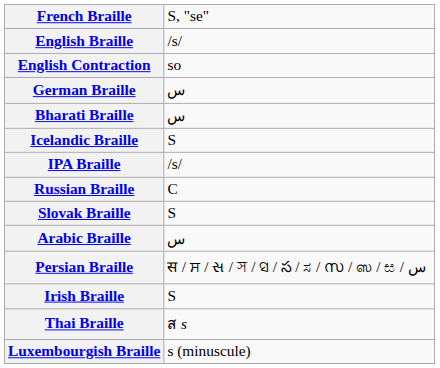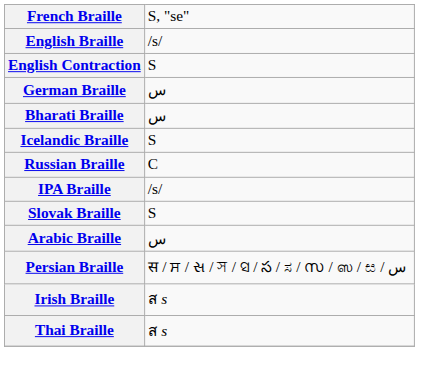 <table class="wikitable">
 <tr>
 <th align=left><a href='#'>French Braille</a></th>
 <td>S, "se"</td>
 </tr>
 <tr>
 <th align=left><a href='#'>English Braille</a></th>
 <td>/s/</td>
 </tr>
 <tr>
 <th align=left><a href='#'>English Contraction</a></th>
-<td>so</td>
+<td>S</td>
 </tr>
 <tr>
 <th align=left><a href='#'>German Braille</a></th>
 <td>س</td>
 </tr>
 <tr>
 <th align=left><a href='#'>Bharati Braille</a></th>
 <td>س</td>
 </tr>
 <tr>
 <th align=left><a href='#'>Icelandic Braille</a></th>
 <td>S</td>
 </tr>
 <tr>
+<th align=left><a href='#'>Russian Braille</a></th>
+<td>С</td>
+</tr>
+<tr>
 <th align=left><a href='#'>IPA Braille</a></th>
 <td>/s/</td>
-</tr>
-<tr>
-<th align=left><a href='#'>Russian Braille</a></th>
-<td>С</td>
 </tr>
 <tr>
 <th align=left><a href='#'>Slovak Braille</a></th>
 <td>S</td>
 </tr>
 <tr>
 <th align=left><a href='#'>Arabic Braille</a></th>
 <td>س</td>
 </tr>
 <tr>
 <th align=left><a href='#'>Persian Braille</a></th>
 <td>स / ਸ / સ / স / ସ / స / ಸ / സ / ஸ / ස / س ‎</td>
 </tr>
 <tr>
 <th align=left><a href='#'>Irish Braille</a></th>
-<td>S</td>
+<td>ส <em>s</em></td>
 </tr>
 <tr>
 <th align=left><a href='#'>Thai Braille</a></th>
 <td>ส <em>s</em></td>
 </tr>
 <tr>
-<th align=left><a href='#'>Luxembourgish Braille</a></th>
-<td>s (minuscule)</td>
-</tr>
-<tr>
 </tr>
 </table>
